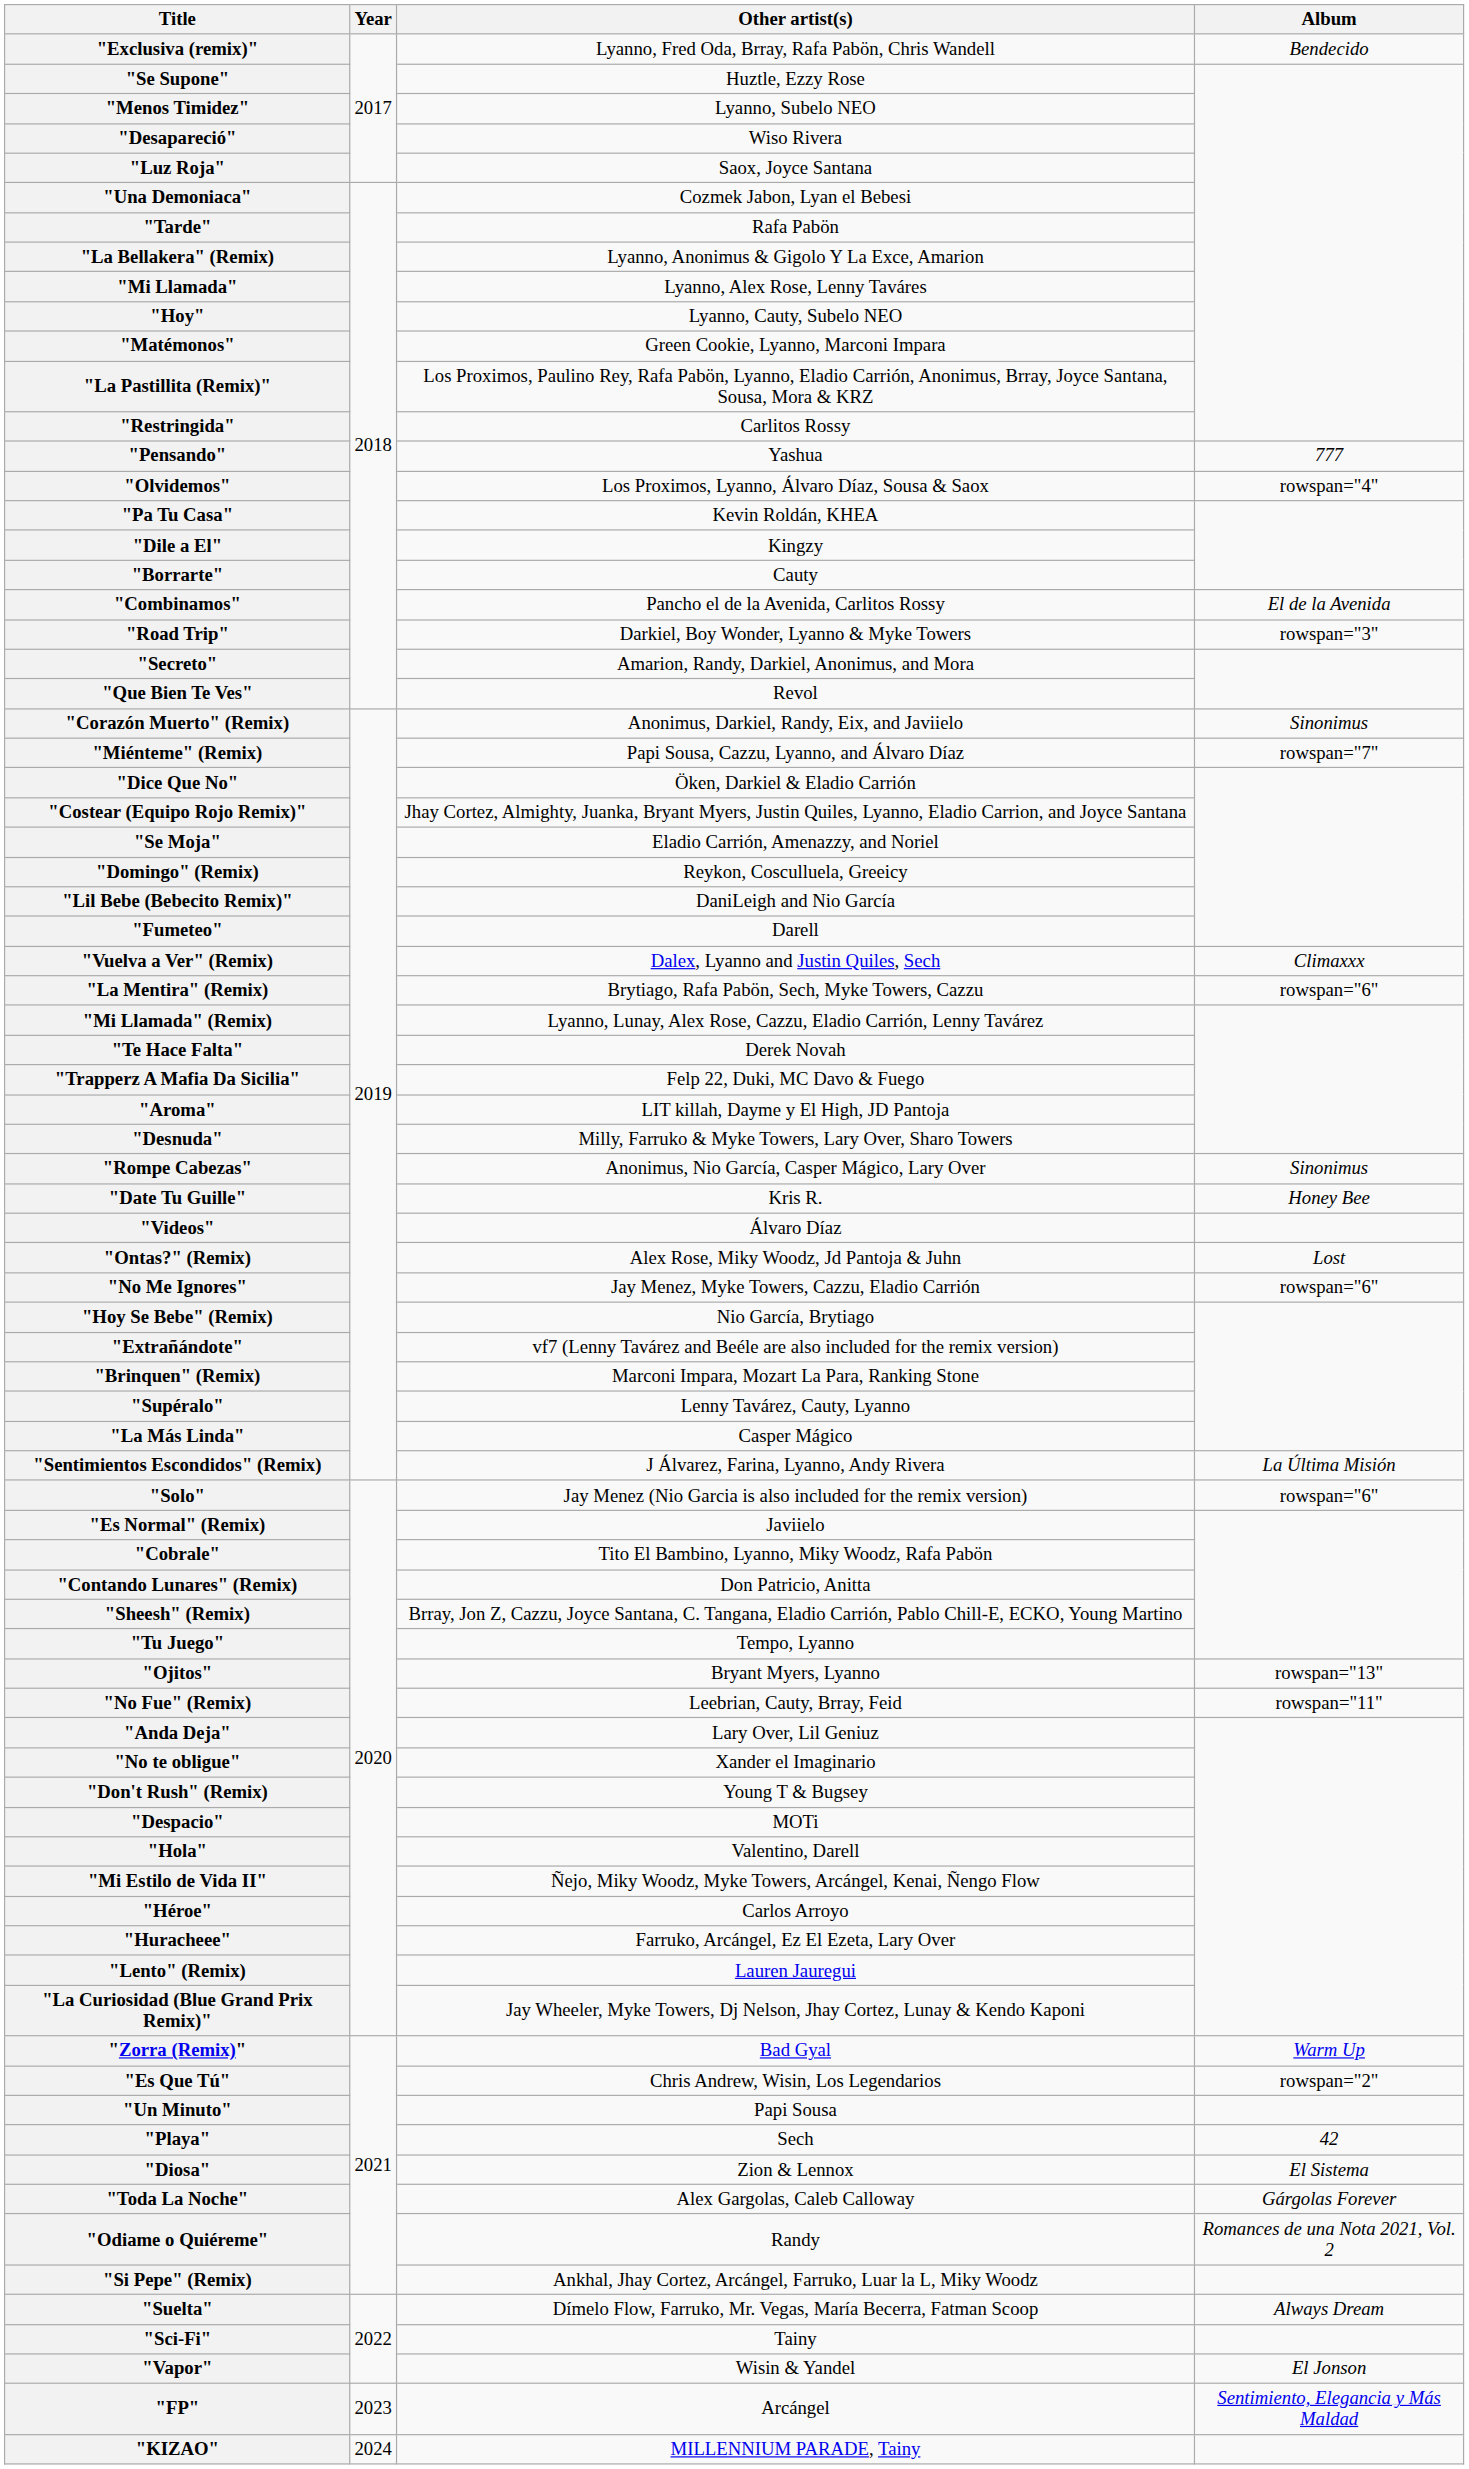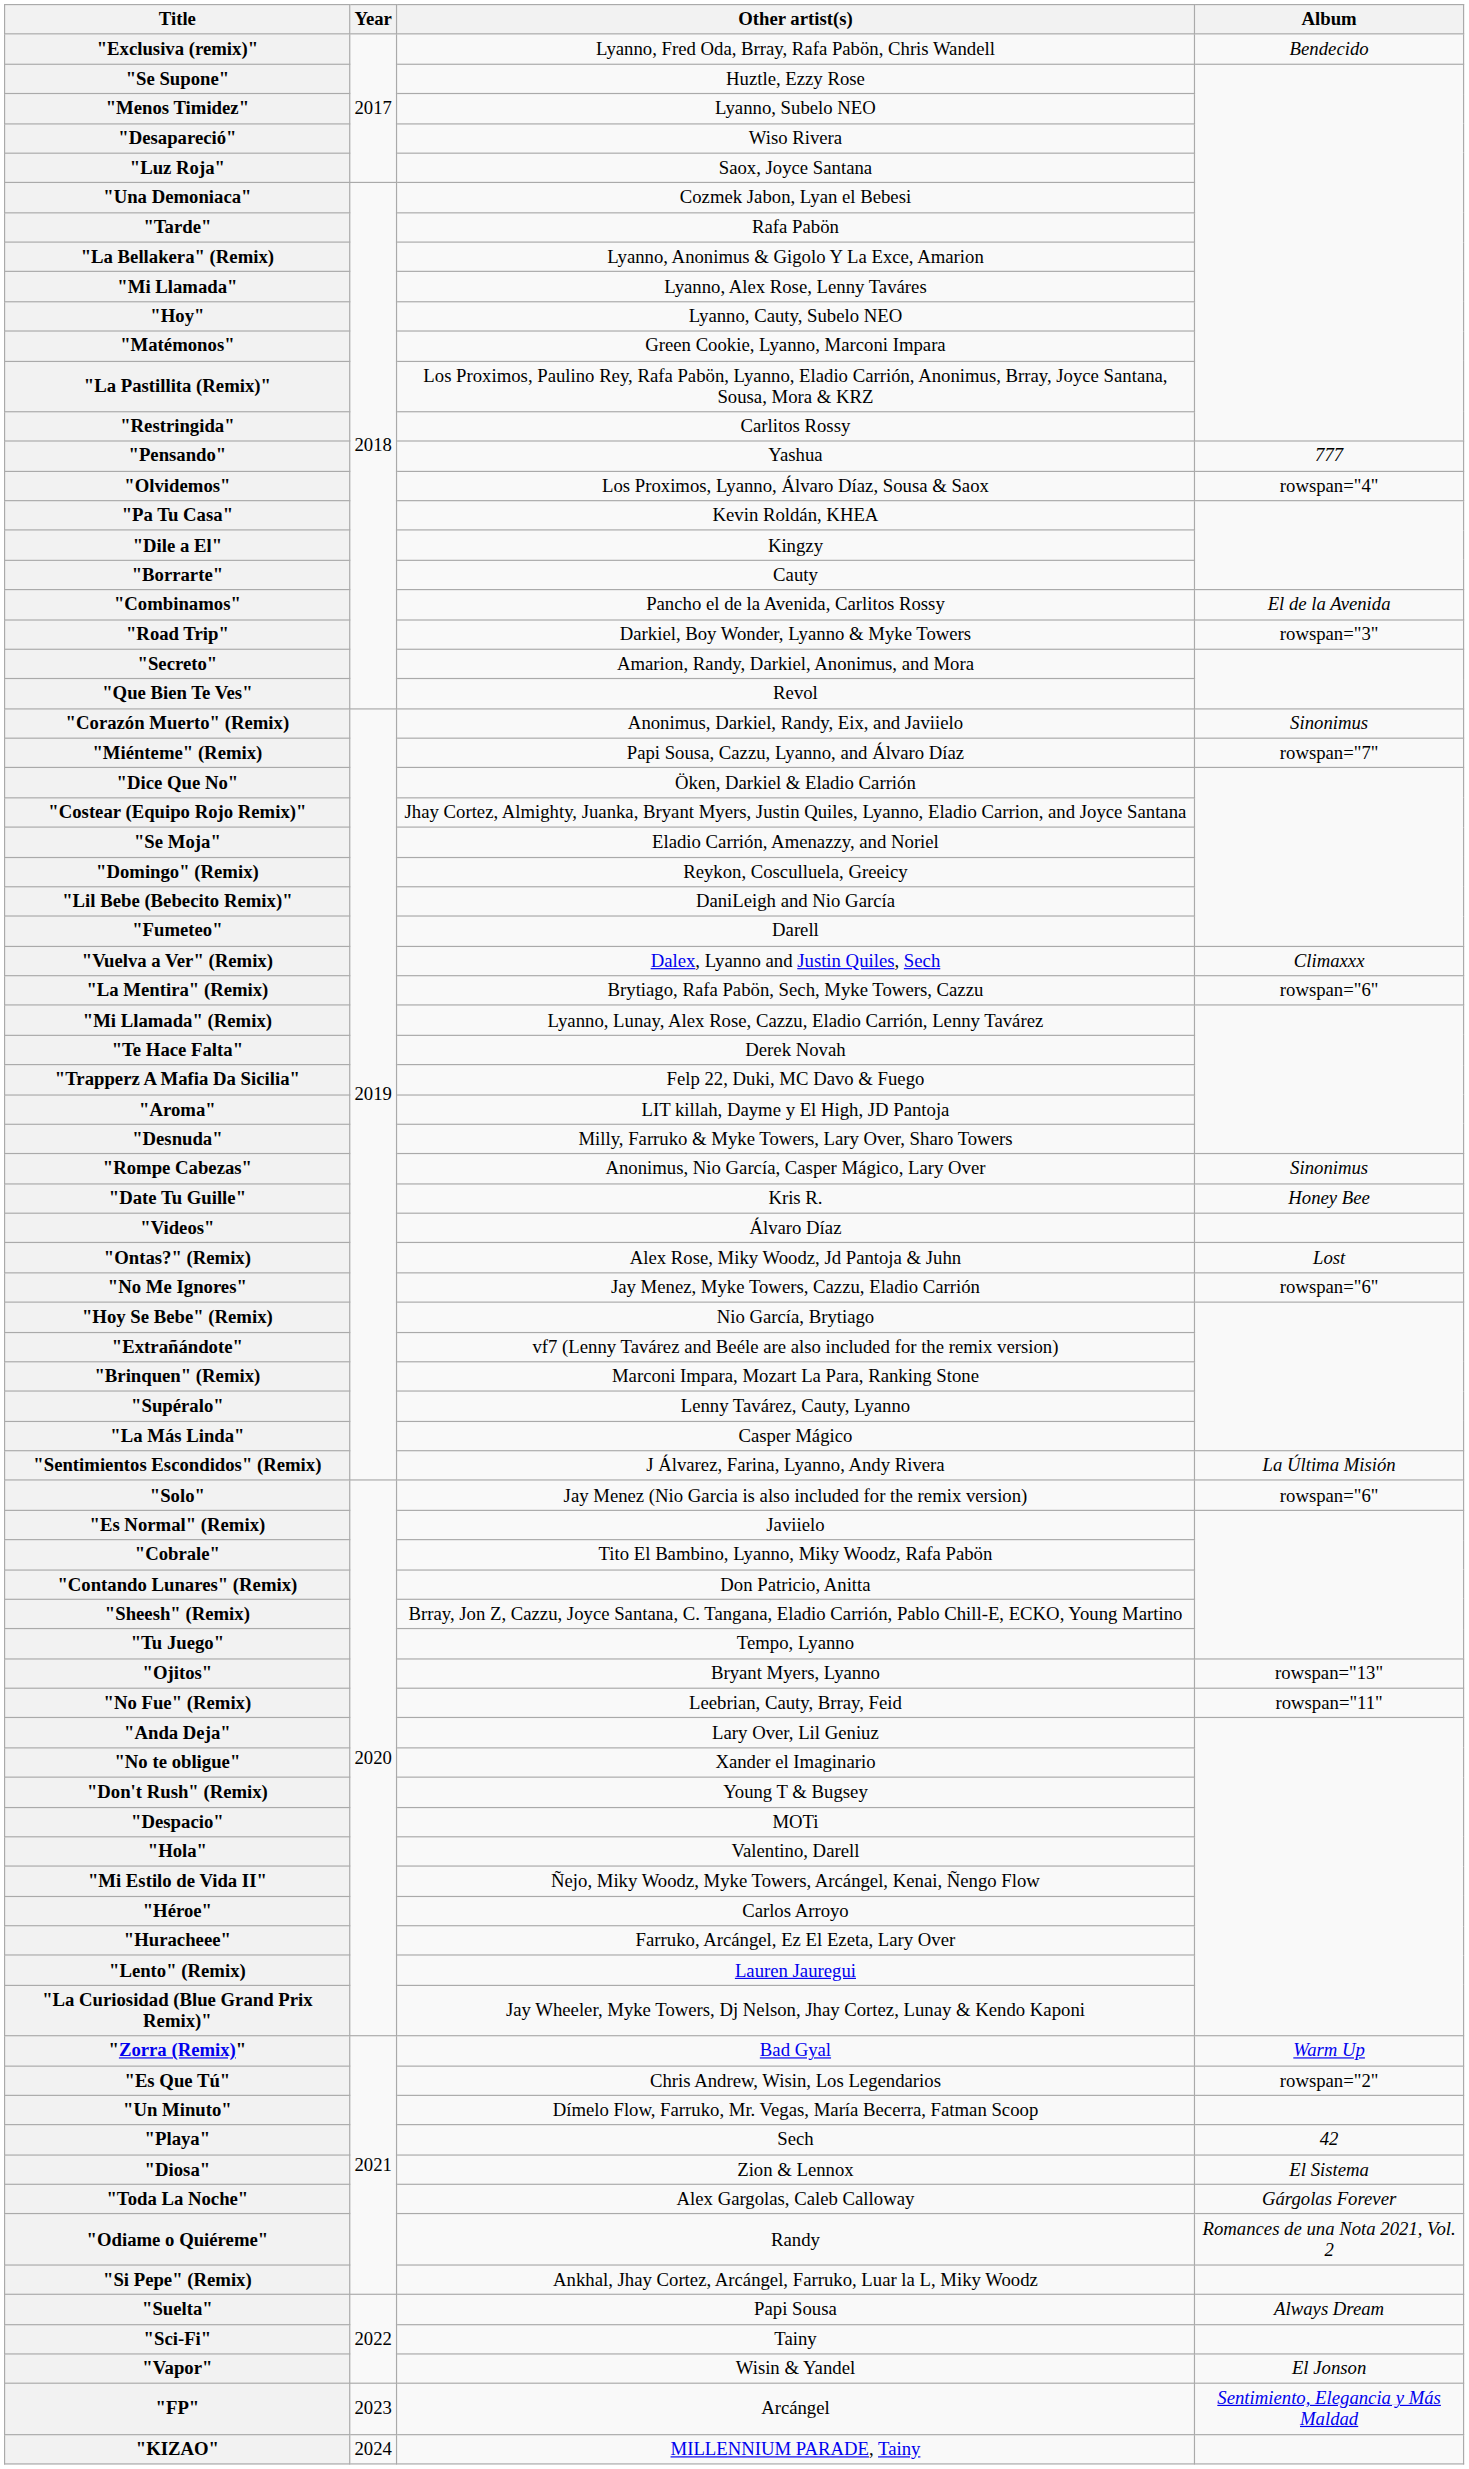 <table class="wikitable plainrowheaders" style="text-align:center;">
 <tr>
 <th scope="col" style="width:18em;">Title</th>
 <th scope="col">Year</th>
 <th scope="col">Other artist(s)</th>
 <th scope="col">Album</th>
 </tr>
 <tr>
 <th scope="row">"Exclusiva (remix)"</th>
 <td rowspan="5">2017</td>
 <td>Lyanno, Fred Oda, Brray, Rafa Pabön, Chris Wandell</td>
 <td><em>Bendecido</em></td>
 </tr>
 <tr>
 <th scope="row">"Se Supone"</th>
 <td>Huztle, Ezzy Rose</td>
 </tr>
 <tr>
 <th scope="row">"Menos Timidez"</th>
 <td>Lyanno, Subelo NEO</td>
 </tr>
 <tr>
 <th scope="row">"Desapareció"</th>
 <td>Wiso Rivera</td>
 </tr>
 <tr>
 <th scope="row">"Luz Roja"</th>
 <td>Saox, Joyce Santana</td>
 </tr>
 <tr>
 <th scope="row">"Una Demoniaca"</th>
 <td rowspan="17">2018</td>
 <td>Cozmek Jabon, Lyan el Bebesi</td>
 </tr>
 <tr>
 <th scope="row">"Tarde"</th>
 <td>Rafa Pabön</td>
 </tr>
 <tr>
 <th scope="row">"La Bellakera" (Remix)</th>
 <td>Lyanno, Anonimus & Gigolo Y La Exce, Amarion</td>
 </tr>
 <tr>
 <th scope="row">"Mi Llamada"</th>
 <td>Lyanno, Alex Rose, Lenny Taváres</td>
 </tr>
 <tr>
 <th scope="row">"Hoy"</th>
 <td>Lyanno, Cauty, Subelo NEO</td>
 </tr>
 <tr>
 <th scope="row">"Matémonos"</th>
 <td>Green Cookie, Lyanno, Marconi Impara</td>
 </tr>
 <tr>
 <th scope="row">"La Pastillita (Remix)"</th>
 <td>Los Proximos, Paulino Rey, Rafa Pabön, Lyanno, Eladio Carrión, Anonimus, Brray, Joyce Santana, Sousa, Mora & KRZ</td>
 </tr>
 <tr>
 <th scope="row">"Restringida"</th>
 <td>Carlitos Rossy</td>
 </tr>
 <tr>
 <th scope="row">"Pensando"</th>
 <td>Yashua</td>
 <td><em>777</em></td>
 </tr>
 <tr>
 <th scope="row">"Olvidemos"</th>
 <td>Los Proximos, Lyanno, Álvaro Díaz, Sousa & Saox</td>
 <td>rowspan="4" </td>
 </tr>
 <tr>
 <th scope="row">"Pa Tu Casa"</th>
 <td>Kevin Roldán, KHEA</td>
 </tr>
 <tr>
 <th scope="row">"Dile a El"</th>
 <td>Kingzy</td>
 </tr>
 <tr>
 <th scope="row">"Borrarte"</th>
 <td>Cauty</td>
 </tr>
 <tr>
 <th scope="row">"Combinamos"</th>
 <td>Pancho el de la Avenida, Carlitos Rossy</td>
 <td><em>El de la Avenida</em></td>
 </tr>
 <tr>
 <th scope="row">"Road Trip"</th>
 <td>Darkiel, Boy Wonder, Lyanno & Myke Towers</td>
 <td>rowspan="3" </td>
 </tr>
 <tr>
 <th scope="row">"Secreto"</th>
 <td>Amarion, Randy, Darkiel, Anonimus, and Mora</td>
 </tr>
 <tr>
 <th scope="row">"Que Bien Te Ves"</th>
 <td>Revol</td>
 </tr>
 <tr>
 <th scope="row">"Corazón Muerto" (Remix)</th>
 <td rowspan="26">2019</td>
 <td>Anonimus, Darkiel, Randy, Eix, and Javiielo</td>
 <td><em>Sinonimus</em></td>
 </tr>
 <tr>
 <th scope="row">"Miénteme" (Remix)</th>
 <td>Papi Sousa, Cazzu, Lyanno, and Álvaro Díaz</td>
 <td>rowspan="7" </td>
 </tr>
 <tr>
 <th scope="row">"Dice Que No"</th>
 <td>Öken, Darkiel & Eladio Carrión</td>
 </tr>
 <tr>
 <th scope="row">"Costear (Equipo Rojo Remix)"</th>
 <td>Jhay Cortez, Almighty, Juanka, Bryant Myers, Justin Quiles, Lyanno, Eladio Carrion, and Joyce Santana</td>
 </tr>
 <tr>
 <th scope="row">"Se Moja"</th>
 <td>Eladio Carrión, Amenazzy, and Noriel</td>
 </tr>
 <tr>
 <th scope="row">"Domingo" (Remix)</th>
 <td>Reykon, Cosculluela, Greeicy</td>
 </tr>
 <tr>
 <th scope="row">"Lil Bebe (Bebecito Remix)"</th>
 <td>DaniLeigh and Nio García</td>
 </tr>
 <tr>
 <th scope="row">"Fumeteo"</th>
 <td>Darell</td>
 </tr>
 <tr>
 <th scope="row">"Vuelva a Ver" (Remix)</th>
 <td><a href='#'>Dalex</a>, Lyanno and <a href='#'>Justin Quiles</a>, <a href='#'>Sech</a></td>
 <td><em>Climaxxx</em></td>
 </tr>
 <tr>
 <th scope="row">"La Mentira" (Remix)</th>
 <td>Brytiago, Rafa Pabön, Sech, Myke Towers, Cazzu</td>
 <td>rowspan="6" </td>
 </tr>
 <tr>
 <th scope="row">"Mi Llamada" (Remix)</th>
 <td>Lyanno, Lunay, Alex Rose, Cazzu, Eladio Carrión, Lenny Tavárez</td>
 </tr>
 <tr>
 <th scope="row">"Te Hace Falta"</th>
 <td>Derek Novah</td>
 </tr>
 <tr>
 <th scope="row">"Trapperz A Mafia Da Sicilia"</th>
 <td>Felp 22, Duki, MC Davo & Fuego</td>
 </tr>
 <tr>
 <th scope="row">"Aroma"</th>
 <td>LIT killah, Dayme y El High, JD Pantoja</td>
 </tr>
 <tr>
 <th scope="row">"Desnuda"</th>
 <td>Milly, Farruko & Myke Towers, Lary Over, Sharo Towers</td>
 </tr>
 <tr>
 <th scope="row">"Rompe Cabezas"</th>
 <td>Anonimus, Nio García, Casper Mágico, Lary Over</td>
 <td><em>Sinonimus</em></td>
 </tr>
 <tr>
 <th scope="row">"Date Tu Guille"</th>
 <td>Kris R.</td>
 <td><em>Honey Bee</em></td>
 </tr>
 <tr>
 <th scope="row">"Videos"</th>
 <td>Álvaro Díaz</td>
 <td></td>
 </tr>
 <tr>
 <th scope="row">"Ontas?" (Remix)</th>
 <td>Alex Rose, Miky Woodz, Jd Pantoja & Juhn</td>
 <td><em>Lost</em></td>
 </tr>
 <tr>
 <th scope="row">"No Me Ignores"</th>
 <td>Jay Menez, Myke Towers, Cazzu, Eladio Carrión</td>
 <td>rowspan="6" </td>
 </tr>
 <tr>
 <th scope="row">"Hoy Se Bebe" (Remix)</th>
 <td>Nio García, Brytiago</td>
 </tr>
 <tr>
 <th scope="row">"Extrañándote"</th>
 <td>vf7 (Lenny Tavárez and Beéle are also included for the remix version)</td>
 </tr>
 <tr>
 <th scope="row">"Brinquen" (Remix)</th>
 <td>Marconi Impara, Mozart La Para, Ranking Stone</td>
 </tr>
 <tr>
 <th scope="row">"Supéralo"</th>
 <td>Lenny Tavárez, Cauty, Lyanno</td>
 </tr>
 <tr>
 <th scope="row">"La Más Linda"</th>
 <td>Casper Mágico</td>
 </tr>
 <tr>
 <th scope="row">"Sentimientos Escondidos" (Remix)</th>
 <td>J Álvarez, Farina, Lyanno, Andy Rivera</td>
 <td><em>La Última Misión</em></td>
 </tr>
 <tr>
 <th scope="row">"Solo"</th>
 <td rowspan="18">2020</td>
 <td>Jay Menez (Nio Garcia is also included for the remix version)</td>
 <td>rowspan="6" </td>
 </tr>
 <tr>
 <th scope="row">"Es Normal" (Remix)</th>
 <td>Javiielo</td>
 </tr>
 <tr>
 <th scope="row">"Cobrale"</th>
 <td>Tito El Bambino, Lyanno, Miky Woodz, Rafa Pabön</td>
 </tr>
 <tr>
 <th scope="row">"Contando Lunares" (Remix)</th>
 <td>Don Patricio, Anitta</td>
 </tr>
 <tr>
 <th scope="row">"Sheesh" (Remix)</th>
 <td>Brray, Jon Z, Cazzu, Joyce Santana, C. Tangana, Eladio Carrión, Pablo Chill-E, ECKO, Young Martino</td>
 </tr>
 <tr>
 <th scope="row">"Tu Juego"</th>
 <td>Tempo, Lyanno</td>
 </tr>
 <tr>
 <th scope="row">"Ojitos"</th>
 <td>Bryant Myers, Lyanno</td>
 <td>rowspan="13" </td>
 </tr>
 <tr>
 <th scope="row">"No Fue" (Remix)</th>
 <td>Leebrian, Cauty, Brray, Feid</td>
 <td>rowspan="11" </td>
 </tr>
 <tr>
 <th scope="row">"Anda Deja"</th>
 <td>Lary Over, Lil Geniuz</td>
 </tr>
 <tr>
 <th scope="row">"No te obligue"</th>
 <td>Xander el Imaginario</td>
 </tr>
 <tr>
 <th scope="row">"Don't Rush" (Remix)</th>
 <td>Young T & Bugsey</td>
 </tr>
 <tr>
 <th scope="row">"Despacio"</th>
 <td>MOTi</td>
 </tr>
 <tr>
 <th scope="row">"Hola"</th>
 <td>Valentino, Darell</td>
 </tr>
 <tr>
 <th scope="row">"Mi Estilo de Vida II"</th>
 <td>Ñejo, Miky Woodz, Myke Towers, Arcángel, Kenai, Ñengo Flow</td>
 </tr>
 <tr>
 <th scope="row">"Héroe"</th>
 <td>Carlos Arroyo</td>
 </tr>
 <tr>
 <th scope="row">"Huracheee"</th>
 <td>Farruko, Arcángel, Ez El Ezeta, Lary Over</td>
 </tr>
 <tr>
 <th scope="row">"Lento" (Remix)</th>
 <td><a href='#'>Lauren Jauregui</a></td>
 </tr>
 <tr>
 <th scope="row">"La Curiosidad (Blue Grand Prix Remix)"</th>
 <td>Jay Wheeler, Myke Towers, Dj Nelson, Jhay Cortez, Lunay & Kendo Kaponi</td>
 </tr>
 <tr>
 <th scope="row">"<a href='#'>Zorra (Remix)</a>"</th>
 <td rowspan="8">2021</td>
 <td><a href='#'>Bad Gyal</a></td>
 <td><em><a href='#'>Warm Up</a></em></td>
 </tr>
 <tr>
 <th scope="row">"Es Que Tú"</th>
 <td>Chris Andrew, Wisin, Los Legendarios</td>
 <td>rowspan="2" </td>
 </tr>
 <tr>
 <th scope="row">"Un Minuto"</th>
-<td>Papi Sousa</td>
+<td>Dímelo Flow, Farruko, Mr. Vegas, María Becerra, Fatman Scoop</td>
 </tr>
 <tr>
 <th scope="row">"Playa"</th>
 <td>Sech</td>
 <td><em>42</em></td>
 </tr>
 <tr>
 <th scope="row">"Diosa"</th>
 <td>Zion & Lennox</td>
 <td><em>El Sistema</em></td>
 </tr>
 <tr>
 <th scope="row">"Toda La Noche"</th>
 <td>Alex Gargolas, Caleb Calloway</td>
 <td><em>Gárgolas Forever</em></td>
 </tr>
 <tr>
 <th scope="row">"Odiame o Quiéreme"</th>
 <td>Randy</td>
 <td><em>Romances de una Nota 2021, Vol. 2</em></td>
 </tr>
 <tr>
 <th scope="row">"Si Pepe" (Remix)</th>
 <td>Ankhal, Jhay Cortez, Arcángel, Farruko, Luar la L, Miky Woodz</td>
 <td></td>
 </tr>
 <tr>
 <th scope="row">"Suelta"</th>
 <td rowspan="3">2022</td>
-<td>Dímelo Flow, Farruko, Mr. Vegas, María Becerra, Fatman Scoop</td>
+<td>Papi Sousa</td>
 <td><em>Always Dream</em></td>
 </tr>
 <tr>
 <th scope="row">"Sci-Fi"</th>
 <td>Tainy</td>
 <td></td>
 </tr>
 <tr>
 <th scope="row">"Vapor"</th>
 <td>Wisin & Yandel</td>
 <td><em>El Jonson</em></td>
 </tr>
 <tr>
 <th scope="row">"FP"</th>
 <td>2023</td>
 <td>Arcángel</td>
 <td><em><a href='#'>Sentimiento, Elegancia y Más Maldad</a></em></td>
 </tr>
 <tr>
 <th scope="row">"KIZAO"</th>
 <td>2024</td>
 <td><a href='#'>MILLENNIUM PARADE</a>, <a href='#'>Tainy</a></td>
 <td></td>
 </tr>
 </table>
